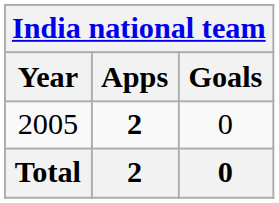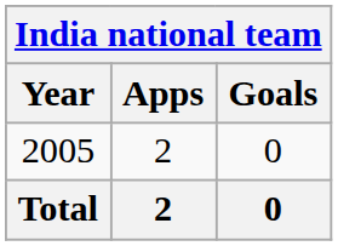 <table class="wikitable" style="text-align:center">
 <tr>
 <th colspan=3><a href='#'>India national team</a></th>
 </tr>
 <tr>
 <th>Year</th>
 <th>Apps</th>
 <th>Goals</th>
 </tr>
 <tr>
 <td>2005</td>
-<td><strong>2</strong></td>
+<td>2</td>
 <td>0</td>
 </tr>
 <tr>
 <th>Total</th>
 <th>2</th>
 <th>0</th>
 </tr>
 </table>
